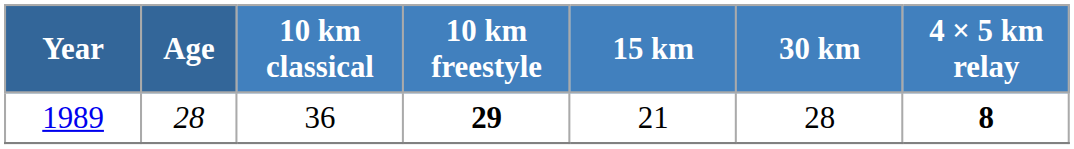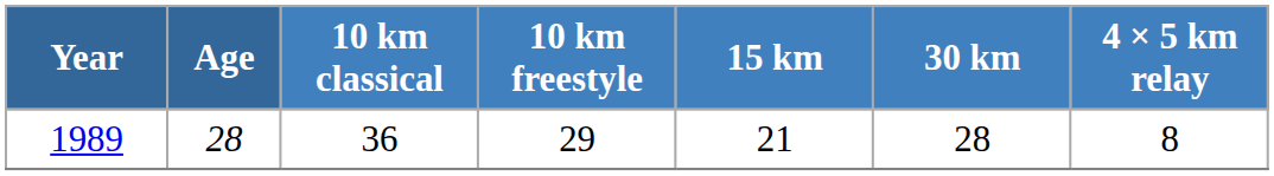 <table class="wikitable" style="font-size:95%; text-align:center; border:grey solid 1px; border-collapse:collapse; background:#ffffff;">
 <tr>
 <th style="background-color:#369; color:white; width:60px;"> Year </th>
 <th style="background-color:#369; color:white; width:40px;"> Age </th>
 <th style="background-color:#4180be; color:white; width:75px;"> 10 km <br> classical </th>
 <th style="background-color:#4180be; color:white; width:75px;"> 10 km <br> freestyle </th>
 <th style="background-color:#4180be; color:white; width:75px;"> 15 km </th>
 <th style="background-color:#4180be; color:white; width:75px;"> 30 km </th>
 <th style="background-color:#4180be; color:white; width:75px;"> 4 × 5 km <br> relay </th>
 </tr>
 <tr>
 <td><a href='#'>1989</a></td>
 <td><em>28</em></td>
 <td>36</td>
-<td><strong>29</strong></td>
+<td>29</td>
 <td>21</td>
 <td>28</td>
-<td><strong>8</strong></td>
+<td>8</td>
 </tr>
 <tr>
 </tr>
 </table>
